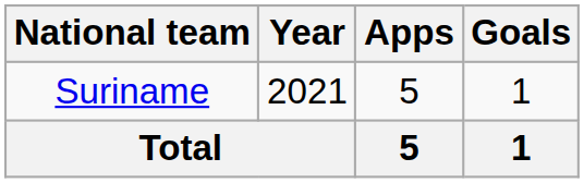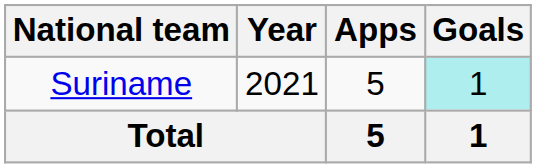 <table class="wikitable" style="text-align:center">
 <tr>
 <th>National team</th>
 <th>Year</th>
 <th>Apps</th>
 <th>Goals</th>
 </tr>
 <tr>
 <td><a href='#'>Suriname</a></td>
 <td>2021</td>
 <td>5</td>
-<td>1</td>
+<td style="background: paleturquoise;">1</td>
 </tr>
 <tr>
 <th colspan="2">Total</th>
 <th>5</th>
 <th>1</th>
 </tr>
 </table>
